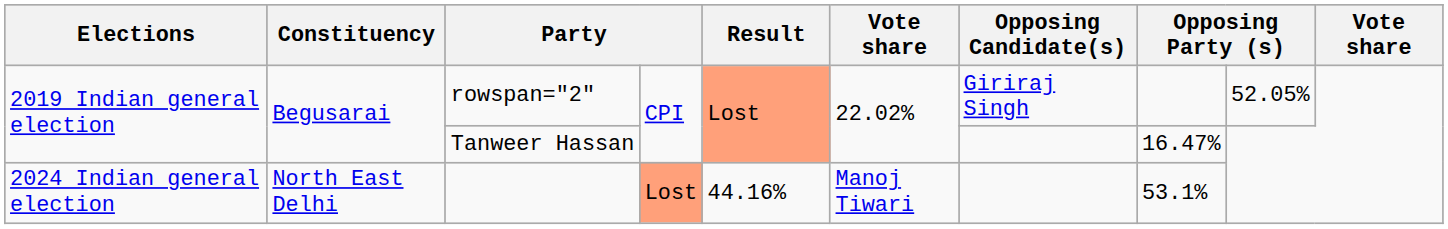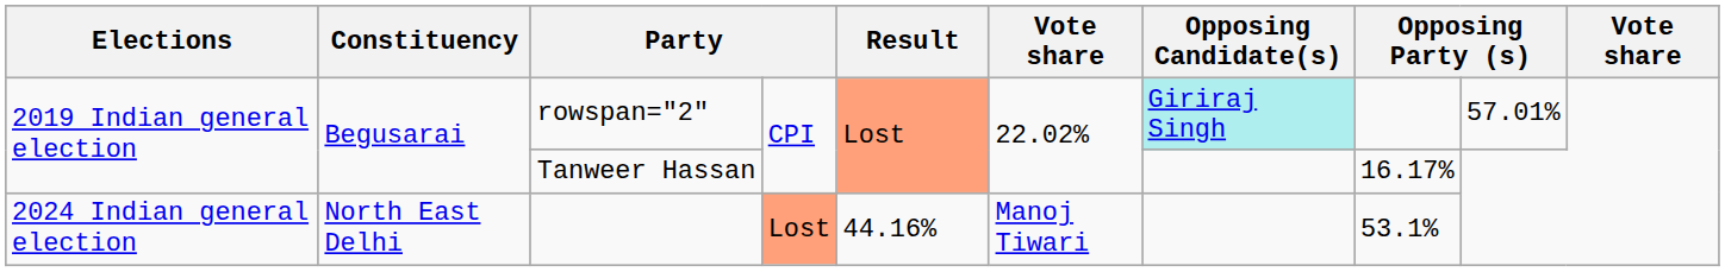 <table class="sortable wikitable">
 <tr>
 <th width=150>Elections</th>
 <th width=100>Constituency</th>
 <th width=70 colspan="2">Party</th>
 <th width=70>Result</th>
 <th width=70>Vote share</th>
 <th width=100>Opposing Candidate(s)</th>
 <th width=70 colspan="2">Opposing Party (s)</th>
 <th width=70>Vote share</th>
 </tr>
 <tr>
 <td rowspan="2"><a href='#'>2019 Indian general election</a></td>
 <td rowspan="2"><a href='#'>Begusarai</a></td>
 <td>rowspan="2" </td>
 <td rowspan="2"><a href='#'>CPI</a></td>
 <td rowspan="2" bgcolor=FFA07A>Lost</td>
 <td rowspan="2">22.02%</td>
-<td><a href='#'>Giriraj Singh</a></td>
+<td style="background: paleturquoise;"><a href='#'>Giriraj Singh</a></td>
 <td></td>
-<td>52.05%</td>
+<td>57.01%</td>
 </tr>
 <tr>
 <td>Tanweer Hassan</td>
 <td></td>
-<td>16.47%</td>
+<td>16.17%</td>
 </tr>
 <tr>
 <td><a href='#'>2024 Indian general election</a></td>
 <td><a href='#'>North East Delhi</a></td>
 <td></td>
 <td bgcolor=FFA07A>Lost</td>
 <td>44.16%</td>
 <td><a href='#'>Manoj Tiwari</a></td>
 <td></td>
 <td>53.1%</td>
 </tr>
 </table>
